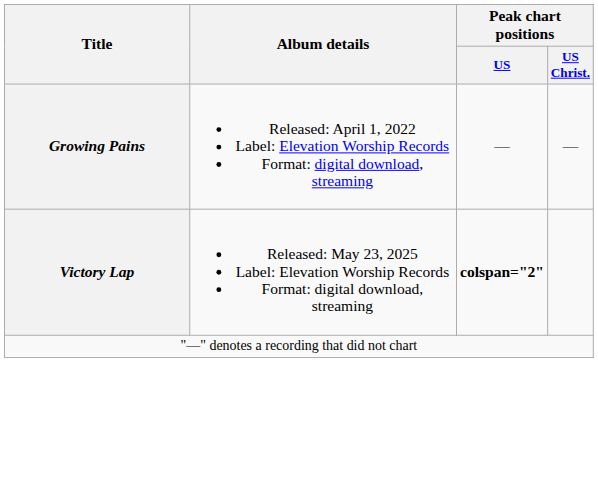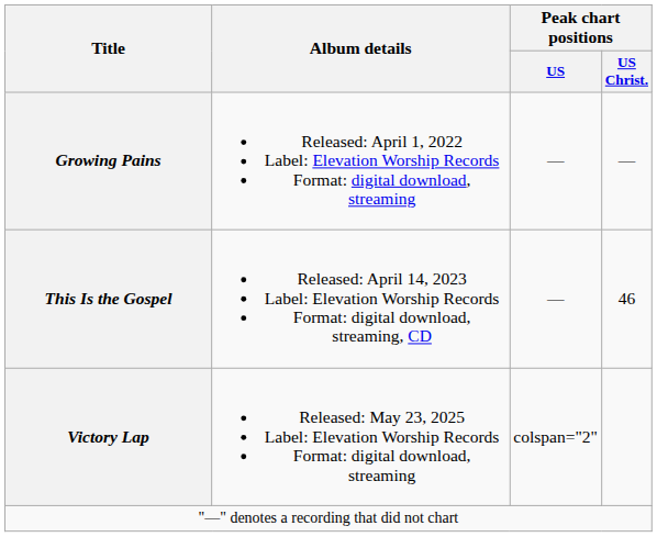 <table class="wikitable plainrowheaders" style="text-align:center;">
 <tr>
 <th rowspan="2" scope="col" style="width:14em;">Title</th>
 <th rowspan="2" scope="col" style="width:20em;">Album details</th>
 <th colspan="2" scope="col">Peak chart positions</th>
 </tr>
 <tr>
 <th scope="col" style="width:3em;font-size:85%;"><a href='#'>US</a><br></th>
 <th scope="col" style="width:3em;font-size:85%;"><a href='#'>US<br>Christ.</a><br></th>
 </tr>
 <tr>
 <th scope="row"><em>Growing Pains</em></th>
 <td><br><ul><li>Released: April 1, 2022</li><li>Label: <a href='#'>Elevation Worship Records</a></li><li>Format: <a href='#'>digital download</a>, <a href='#'>streaming</a></li></ul></td>
 <td>—</td>
 <td>—</td>
 </tr>
 <tr>
+<th scope="row"><em>This Is the Gospel</em></th>
+<td><br><ul><li>Released: April 14, 2023</li><li>Label: Elevation Worship Records</li><li>Format: digital download, streaming, <a href='#'>CD</a></li></ul></td>
+<td>—</td>
+<td>46</td>
+</tr>
+<tr>
 <th scope="row"><em>Victory Lap</em></th>
 <td><br><ul><li>Released: May 23, 2025</li><li>Label: Elevation Worship Records</li><li>Format: digital download, streaming</li></ul></td>
-<td><strong>colspan="2" </strong></td>
+<td>colspan="2" </td>
 </tr>
 <tr>
 <td colspan="4" style="font-size:90%">"—" denotes a recording that did not chart</td>
 </tr>
 </table>
